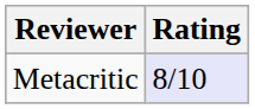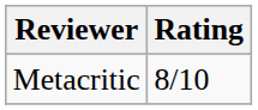 <table class="wikitable">
 <tr>
 <th>Reviewer</th>
 <th>Rating</th>
 </tr>
 <tr>
 <td>Metacritic</td>
-<td style="background: lavender;">8/10</td>
+<td>8/10</td>
 </tr>
 </table>
